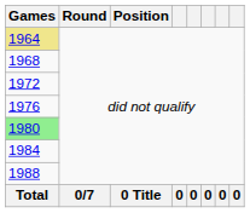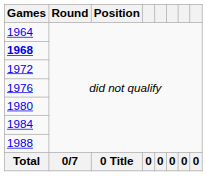 <table class="wikitable" style="text-align:center;">
 <tr>
 <th>Games</th>
 <th>Round</th>
 <th>Position</th>
 <th></th>
 <th></th>
 <th></th>
 <th></th>
 <th></th>
 </tr>
 <tr>
-<td style="background: khaki; text-align: left;"> <a href='#'>1964</a></td>
+<td style="text-align: left;"> <a href='#'>1964</a></td>
 <td colspan=7 rowspan=7><em>did not qualify</em></td>
 </tr>
 <tr>
-<td style="text-align: left;"> <a href='#'>1968</a></td>
+<td style="text-align: left;"><strong> <a href='#'>1968</a></strong></td>
 </tr>
 <tr>
 <td style="text-align: left;"> <a href='#'>1972</a></td>
 </tr>
 <tr>
 <td style="text-align: left;"> <a href='#'>1976</a></td>
 </tr>
 <tr>
-<td align=left style="background: lightgreen;"> <a href='#'>1980</a></td>
+<td align=left> <a href='#'>1980</a></td>
 </tr>
 <tr>
 <td style="text-align: left;"> <a href='#'>1984</a></td>
 </tr>
 <tr>
 <td style="text-align: left;"> <a href='#'>1988</a></td>
 </tr>
 <tr>
 <th>Total</th>
 <th>0/7</th>
 <th>0 Title</th>
 <th>0</th>
 <th>0</th>
 <th>0</th>
 <th>0</th>
 <th>0</th>
 </tr>
 </table>
